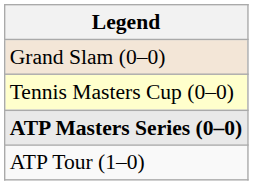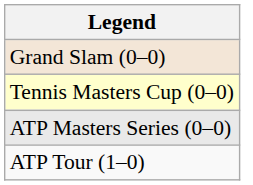 <table class=wikitable style=font-size:97%>
 <tr>
 <th>Legend</th>
 </tr>
 <tr style="background:#f3e6d7;">
 <td>Grand Slam (0–0)</td>
 </tr>
 <tr style="background:#ffc;">
 <td>Tennis Masters Cup (0–0)</td>
 </tr>
 <tr style="background:#e9e9e9;">
-<td><strong>ATP Masters Series (0–0)</strong></td>
+<td>ATP Masters Series (0–0)</td>
 </tr>
 <tr>
 <td>ATP Tour (1–0)</td>
 </tr>
 </table>
